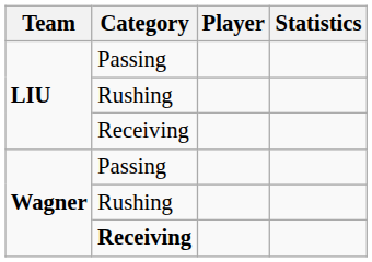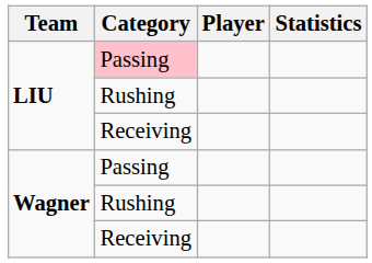 <table class="wikitable" style="float: right;">
 <tr>
 <th>Team</th>
 <th>Category</th>
 <th>Player</th>
 <th>Statistics</th>
 </tr>
 <tr>
 <td rowspan=3><strong>LIU</strong></td>
-<td>Passing</td>
+<td style="background: pink;">Passing</td>
 <td></td>
 <td></td>
 </tr>
 <tr>
 <td>Rushing</td>
 <td></td>
 <td></td>
 </tr>
 <tr>
 <td>Receiving</td>
 <td></td>
 <td></td>
 </tr>
 <tr>
 <td rowspan=3><strong>Wagner</strong></td>
 <td>Passing</td>
 <td></td>
 <td></td>
 </tr>
 <tr>
 <td>Rushing</td>
 <td></td>
 <td></td>
 </tr>
 <tr>
-<td><strong>Receiving</strong></td>
+<td>Receiving</td>
 <td></td>
 <td></td>
 </tr>
 </table>
